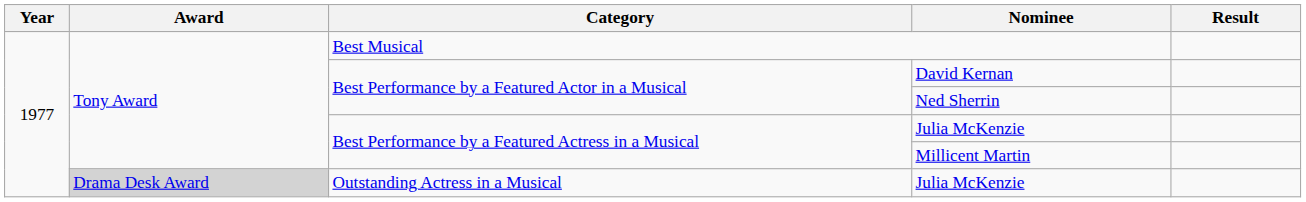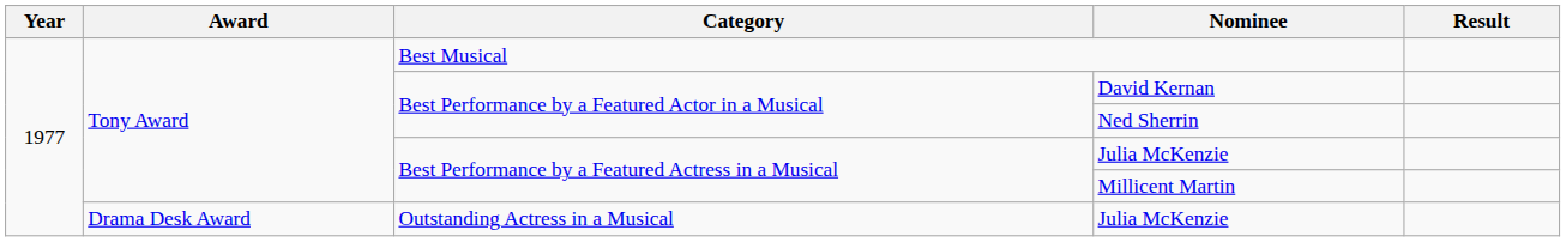 <table class="wikitable" width="95%">
 <tr>
 <th width="5%">Year</th>
 <th width="20%">Award</th>
 <th width="45%">Category</th>
 <th width="20%">Nominee</th>
 <th width="10%">Result</th>
 </tr>
 <tr>
 <td rowspan="6" align="center">1977</td>
 <td rowspan="5"><a href='#'>Tony Award</a></td>
 <td colspan="2"><a href='#'>Best Musical</a></td>
 <td></td>
 </tr>
 <tr>
 <td rowspan="2"><a href='#'>Best Performance by a Featured Actor in a Musical</a></td>
 <td><a href='#'>David Kernan</a></td>
 <td></td>
 </tr>
 <tr>
 <td><a href='#'>Ned Sherrin</a></td>
 <td></td>
 </tr>
 <tr>
 <td rowspan="2"><a href='#'>Best Performance by a Featured Actress in a Musical</a></td>
 <td><a href='#'>Julia McKenzie</a></td>
 <td></td>
 </tr>
 <tr>
 <td><a href='#'>Millicent Martin</a></td>
 <td></td>
 </tr>
 <tr>
-<td style="background: lightgrey;"><a href='#'>Drama Desk Award</a></td>
+<td><a href='#'>Drama Desk Award</a></td>
 <td><a href='#'>Outstanding Actress in a Musical</a></td>
 <td><a href='#'>Julia McKenzie</a></td>
 <td></td>
 </tr>
 </table>
